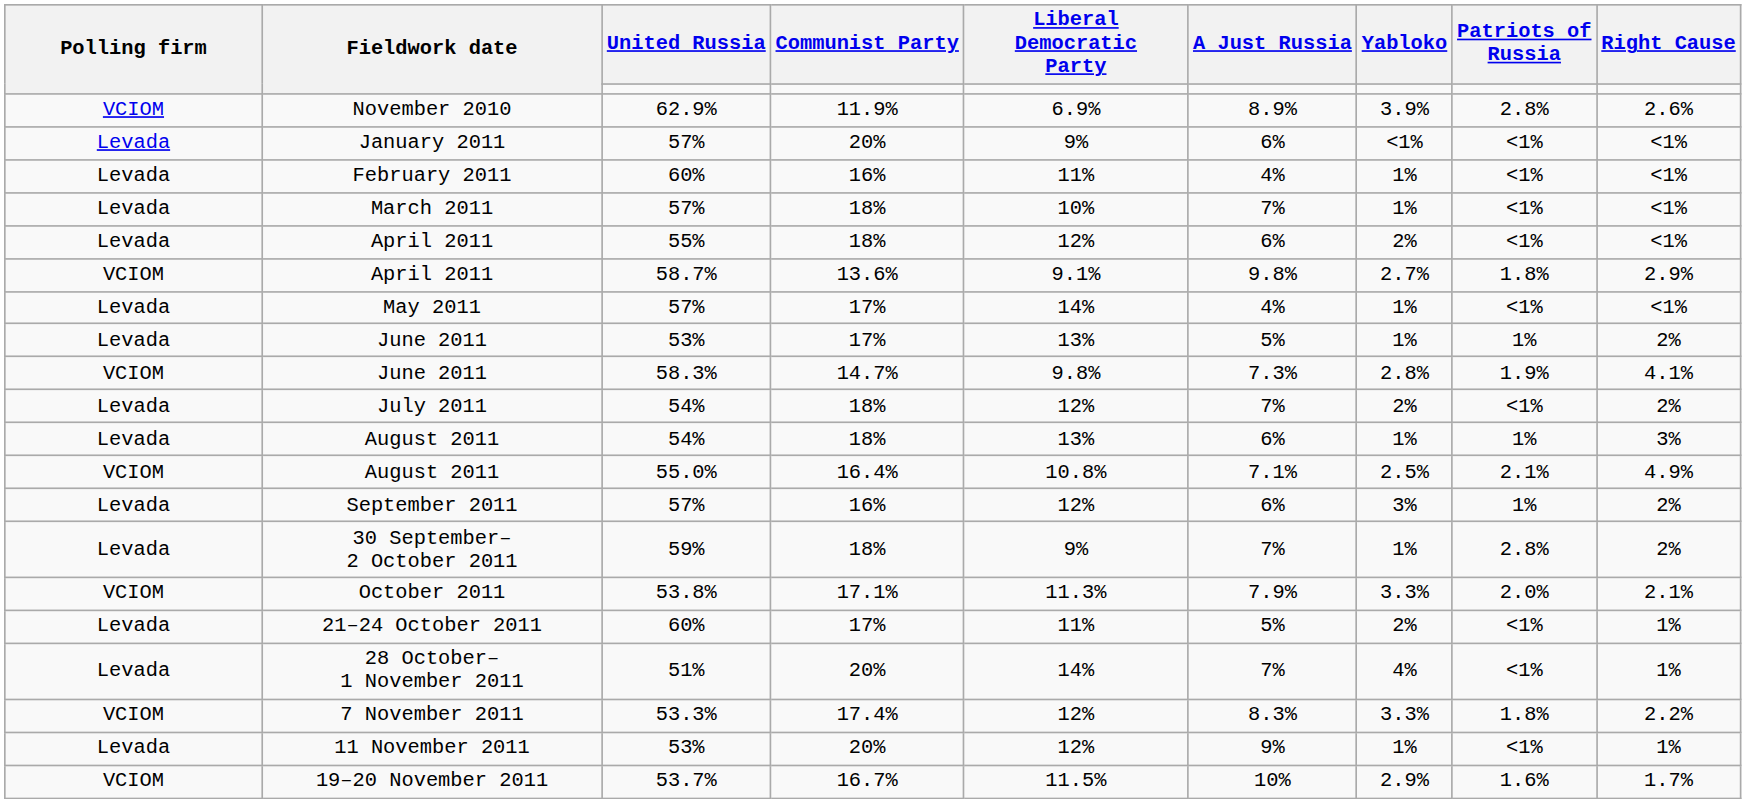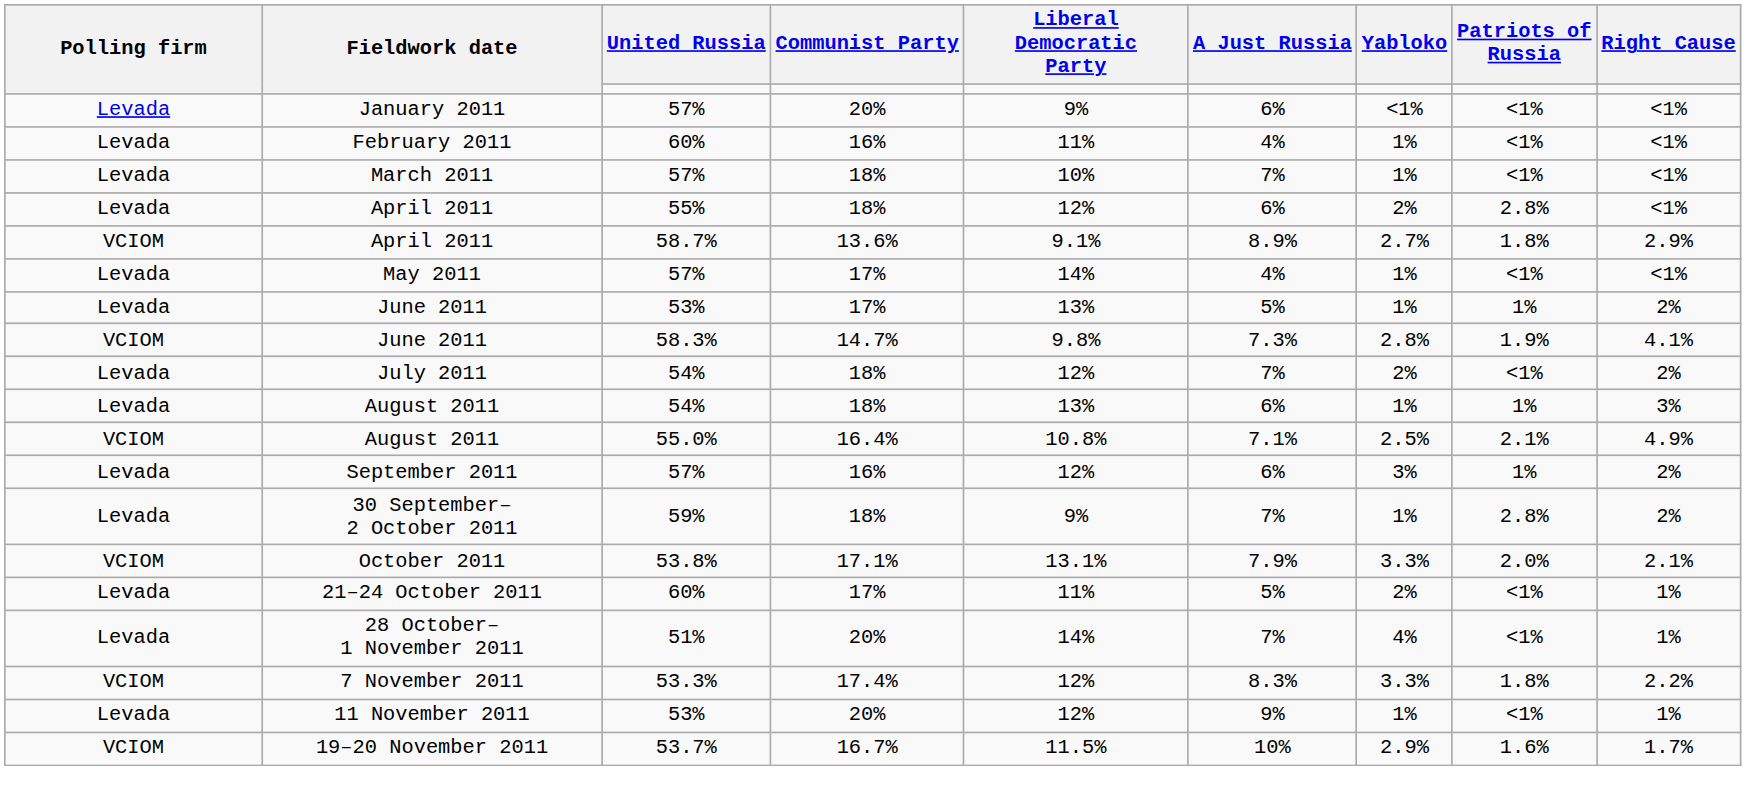 <table class="wikitable" style="font-size:95%; line-height:14px">
 <tr>
 <th rowspan="2" style="width:150px;">Polling firm</th>
 <th rowspan="2" style="width:200px;">Fieldwork date</th>
 <th><a href='#'>United Russia</a></th>
 <th><a href='#'>Communist Party</a></th>
 <th style="width:130px;"><a href='#'>Liberal Democratic<br> Party</a></th>
 <th><a href='#'>A Just Russia</a></th>
 <th><a href='#'>Yabloko</a></th>
 <th><a href='#'>Patriots of <br>Russia</a></th>
 <th><a href='#'>Right Cause</a></th>
 </tr>
 <tr>
 <td></td>
 <td></td>
 <td></td>
 <td></td>
 <td></td>
 <td></td>
 <td></td>
-</tr>
-<tr style="text-align:center;">
-<td><a href='#'>VCIOM</a></td>
-<td>November 2010</td>
-<td>62.9%</td>
-<td>11.9%</td>
-<td>6.9%</td>
-<td>8.9%</td>
-<td>3.9%</td>
-<td>2.8%</td>
-<td>2.6%</td>
 </tr>
 <tr style="text-align:center;">
 <td><a href='#'>Levada</a></td>
 <td>January 2011</td>
 <td>57%</td>
 <td>20%</td>
 <td>9%</td>
 <td>6%</td>
 <td><1%</td>
 <td><1%</td>
 <td><1%</td>
 </tr>
 <tr style="text-align:center;">
 <td>Levada</td>
 <td>February 2011</td>
 <td>60%</td>
 <td>16%</td>
 <td>11%</td>
 <td>4%</td>
 <td>1%</td>
 <td><1%</td>
 <td><1%</td>
 </tr>
 <tr style="text-align:center;">
 <td>Levada</td>
 <td>March 2011</td>
 <td>57%</td>
 <td>18%</td>
 <td>10%</td>
 <td>7%</td>
 <td>1%</td>
 <td><1%</td>
 <td><1%</td>
 </tr>
 <tr style="text-align:center;">
 <td>Levada</td>
 <td>April 2011</td>
 <td>55%</td>
 <td>18%</td>
 <td>12%</td>
 <td>6%</td>
 <td>2%</td>
-<td><1%</td>
+<td>2.8%</td>
 <td><1%</td>
 </tr>
 <tr style="text-align:center;">
 <td>VCIOM</td>
 <td>April 2011</td>
 <td>58.7%</td>
 <td>13.6%</td>
 <td>9.1%</td>
-<td>9.8%</td>
+<td>8.9%</td>
 <td>2.7%</td>
 <td>1.8%</td>
 <td>2.9%</td>
 </tr>
 <tr style="text-align:center;">
 <td>Levada</td>
 <td>May 2011</td>
 <td>57%</td>
 <td>17%</td>
 <td>14%</td>
 <td>4%</td>
 <td>1%</td>
 <td><1%</td>
 <td><1%</td>
 </tr>
 <tr style="text-align:center;">
 <td>Levada</td>
 <td>June 2011</td>
 <td>53%</td>
 <td>17%</td>
 <td>13%</td>
 <td>5%</td>
 <td>1%</td>
 <td>1%</td>
 <td>2%</td>
 </tr>
 <tr style="text-align:center;">
 <td>VCIOM</td>
 <td>June 2011</td>
 <td>58.3%</td>
 <td>14.7%</td>
 <td>9.8%</td>
 <td>7.3%</td>
 <td>2.8%</td>
 <td>1.9%</td>
 <td>4.1%</td>
 </tr>
 <tr style="text-align:center;">
 <td>Levada</td>
 <td>July 2011</td>
 <td>54%</td>
 <td>18%</td>
 <td>12%</td>
 <td>7%</td>
 <td>2%</td>
 <td><1%</td>
 <td>2%</td>
 </tr>
 <tr style="text-align:center;">
 <td>Levada</td>
 <td>August 2011</td>
 <td>54%</td>
 <td>18%</td>
 <td>13%</td>
 <td>6%</td>
 <td>1%</td>
 <td>1%</td>
 <td>3%</td>
 </tr>
 <tr style="text-align:center;">
 <td>VCIOM</td>
 <td>August 2011</td>
 <td>55.0%</td>
 <td>16.4%</td>
 <td>10.8%</td>
 <td>7.1%</td>
 <td>2.5%</td>
 <td>2.1%</td>
 <td>4.9%</td>
 </tr>
 <tr style="text-align:center;">
 <td>Levada</td>
 <td>September 2011</td>
 <td>57%</td>
 <td>16%</td>
 <td>12%</td>
 <td>6%</td>
 <td>3%</td>
 <td>1%</td>
 <td>2%</td>
 </tr>
 <tr style="text-align:center;">
 <td>Levada</td>
 <td>30 September–<br>2 October 2011</td>
 <td>59%</td>
 <td>18%</td>
 <td>9%</td>
 <td>7%</td>
 <td>1%</td>
 <td>2.8%</td>
 <td>2%</td>
 </tr>
 <tr style="text-align:center;">
 <td>VCIOM</td>
 <td>October 2011</td>
 <td>53.8%</td>
 <td>17.1%</td>
-<td>11.3%</td>
+<td>13.1%</td>
 <td>7.9%</td>
 <td>3.3%</td>
 <td>2.0%</td>
 <td>2.1%</td>
 </tr>
 <tr style="text-align:center;">
 <td>Levada</td>
 <td>21–24 October 2011</td>
 <td>60%</td>
 <td>17%</td>
 <td>11%</td>
 <td>5%</td>
 <td>2%</td>
 <td><1%</td>
 <td>1%</td>
 </tr>
 <tr style="text-align:center;">
 <td>Levada</td>
 <td>28 October–<br>1 November 2011</td>
 <td>51%</td>
 <td>20%</td>
 <td>14%</td>
 <td>7%</td>
 <td>4%</td>
 <td><1%</td>
 <td>1%</td>
 </tr>
 <tr style="text-align:center;">
 <td>VCIOM</td>
 <td>7 November 2011</td>
 <td>53.3%</td>
 <td>17.4%</td>
 <td>12%</td>
 <td>8.3%</td>
 <td>3.3%</td>
 <td>1.8%</td>
 <td>2.2%</td>
 </tr>
 <tr style="text-align:center;">
 <td>Levada</td>
 <td>11 November 2011</td>
 <td>53%</td>
 <td>20%</td>
 <td>12%</td>
 <td>9%</td>
 <td>1%</td>
 <td><1%</td>
 <td>1%</td>
 </tr>
 <tr style="text-align:center;">
 <td>VCIOM</td>
 <td>19–20 November 2011</td>
 <td>53.7%</td>
 <td>16.7%</td>
 <td>11.5%</td>
 <td>10%</td>
 <td>2.9%</td>
 <td>1.6%</td>
 <td>1.7%</td>
 </tr>
 </table>
